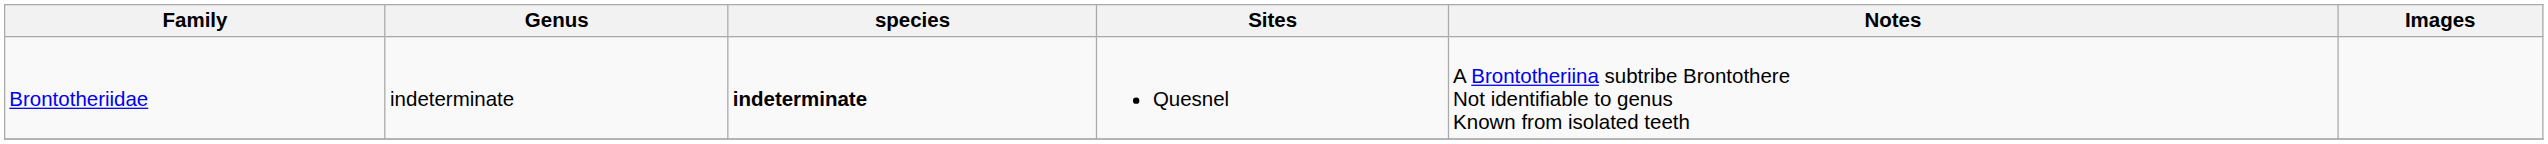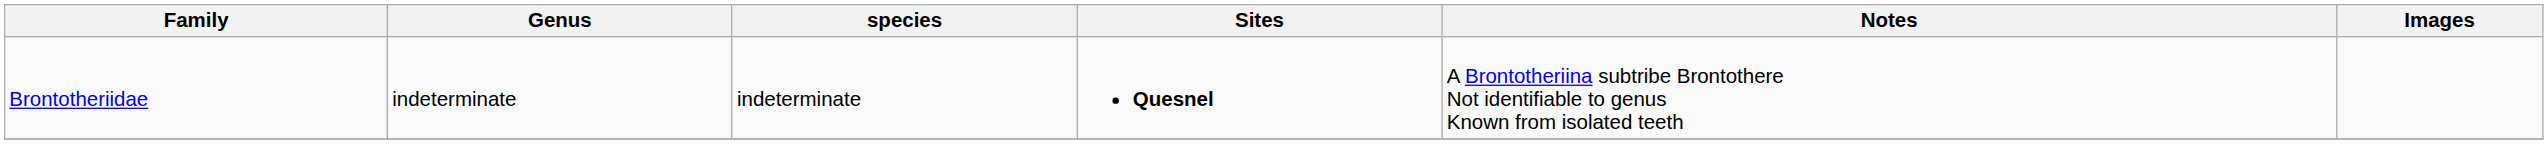 <table class="wikitable sortable"  style="margin:auto; width:100%;">
 <tr>
 <th>Family</th>
 <th>Genus</th>
 <th>species</th>
 <th>Sites</th>
 <th>Notes</th>
 <th>Images</th>
 </tr>
 <tr>
 <td><br><a href='#'>Brontotheriidae</a></td>
 <td><br>indeterminate</td>
-<td><strong><br>indeterminate</strong></td>
-<td><br><ul><li>Quesnel</li></ul></td>
+<td><br>indeterminate</td>
+<td><strong><br><ul><li>Quesnel</li></ul></strong></td>
 <td><br>A <a href='#'>Brontotheriina</a> subtribe Brontothere<br>Not identifiable to genus<br> Known from isolated teeth</td>
 <td></td>
 </tr>
 <tr>
 </tr>
 </table>
